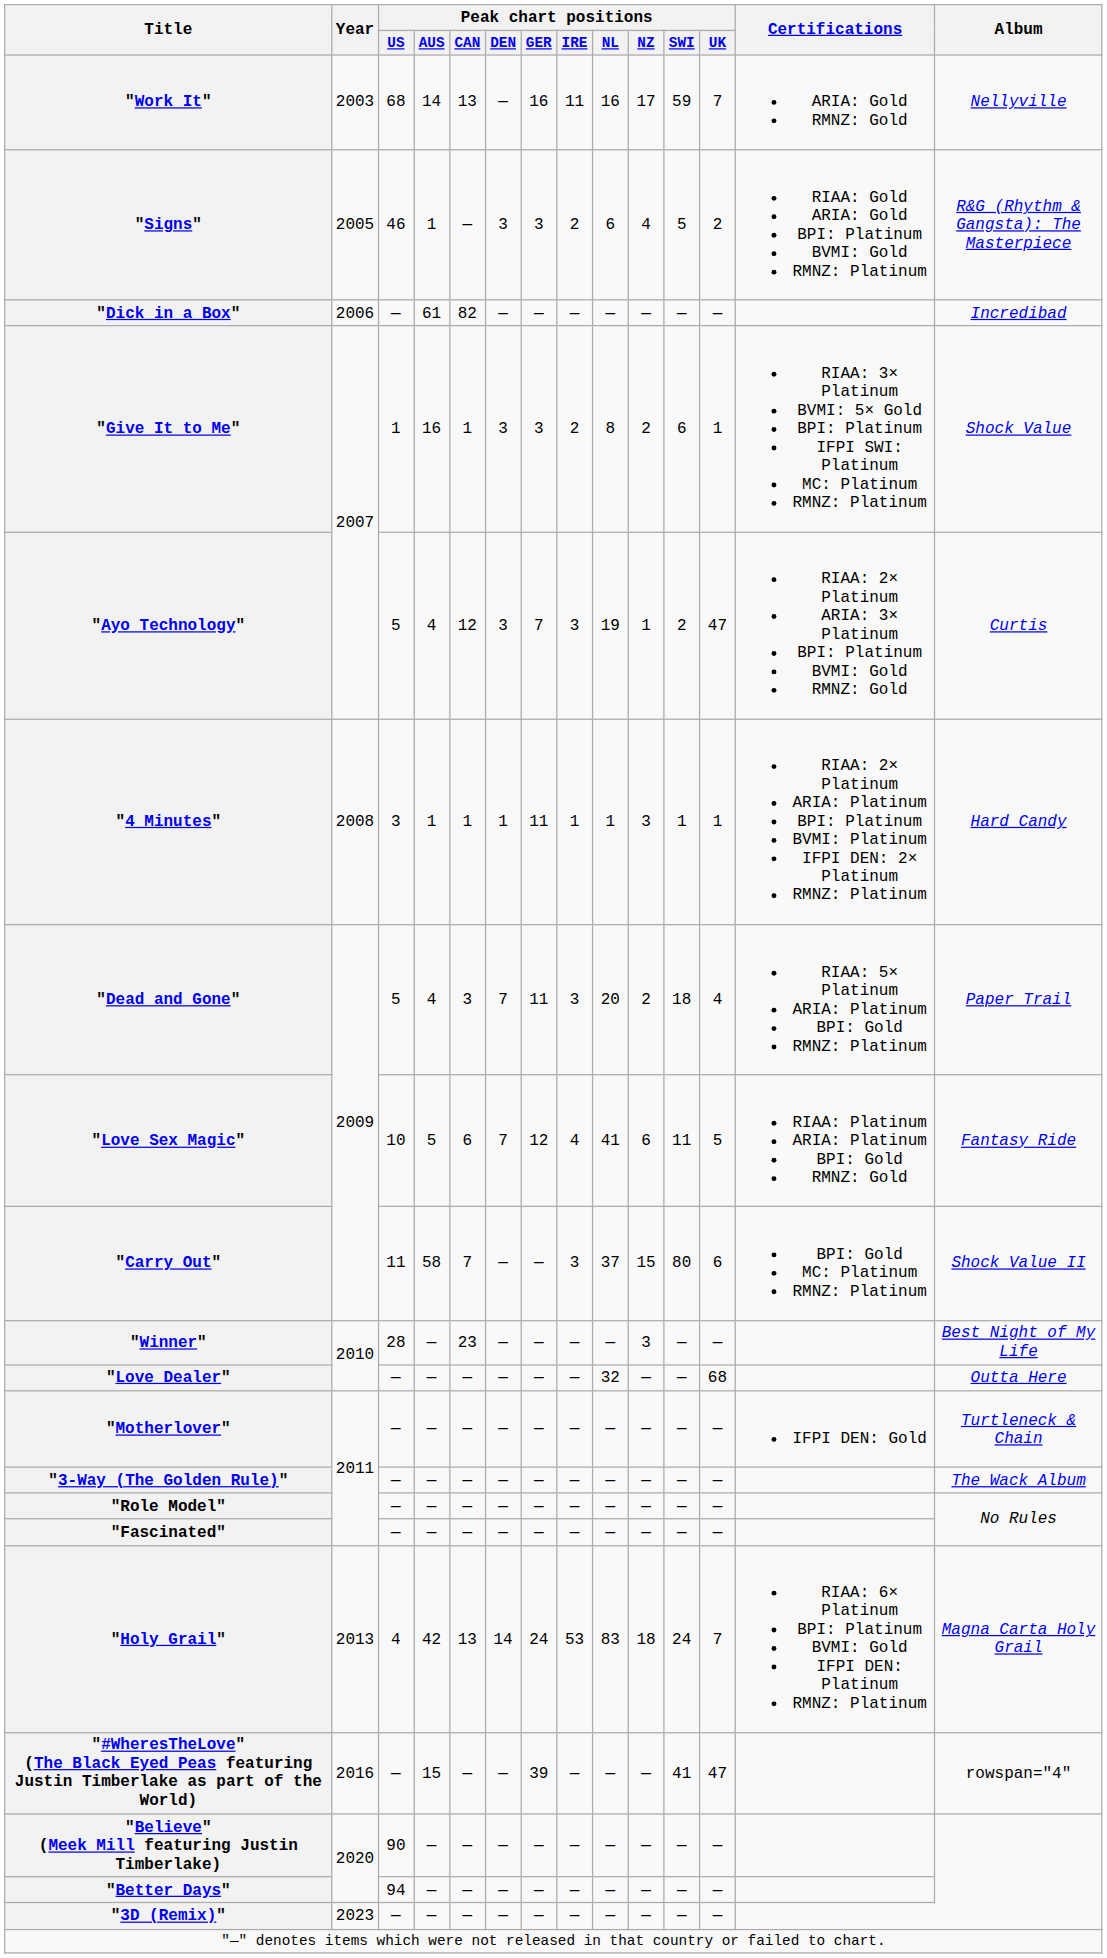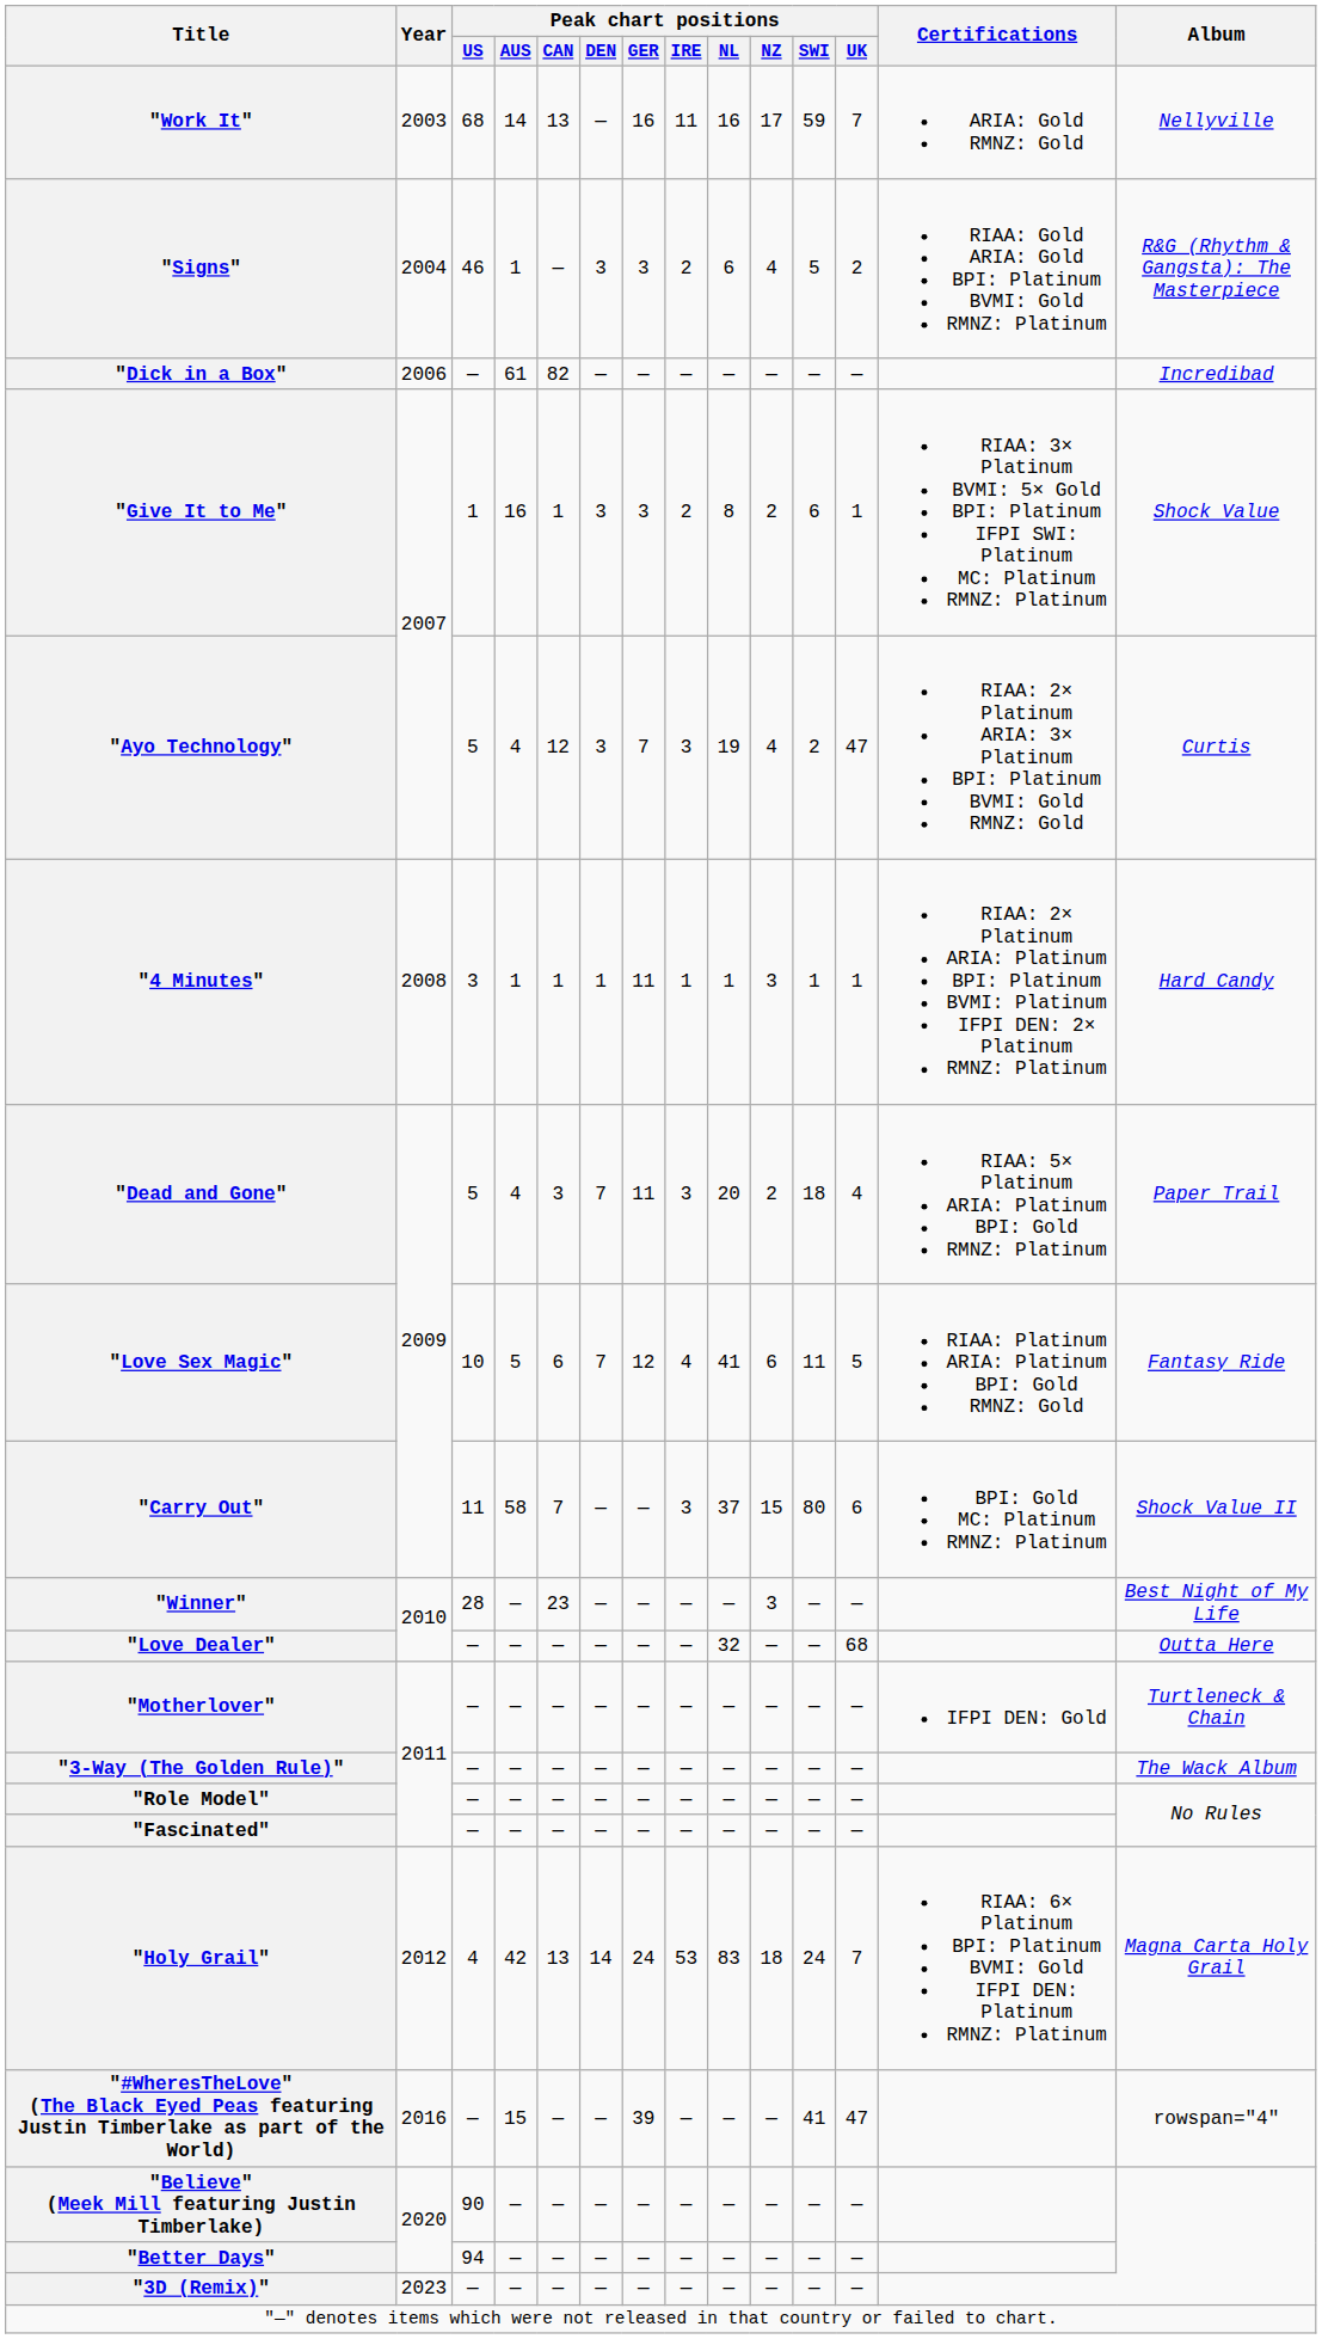 <table class="wikitable plainrowheaders" style="text-align:center;">
 <tr>
 <th scope="col" rowspan="2" style="width:20em;">Title</th>
 <th scope="col" rowspan="2" style="width:2em;">Year</th>
 <th scope="col" colspan="10">Peak chart positions</th>
 <th scope="col" rowspan="2" style="width:12em;"><a href='#'>Certifications</a></th>
 <th scope="col" rowspan="2" style="width:10em;">Album</th>
 </tr>
 <tr>
 <th scope="col" style="width:2em; font-size:90%;"><a href='#'>US</a><br></th>
 <th scope="col" style="width:2em; font-size:90%;"><a href='#'>AUS</a><br></th>
 <th scope="col" style="width:2em; font-size:90%;"><a href='#'>CAN</a><br></th>
 <th scope="col" style="width:2em; font-size:90%;"><a href='#'>DEN</a><br></th>
 <th scope="col" style="width:2em; font-size:90%;"><a href='#'>GER</a><br></th>
 <th scope="col" style="width:2em; font-size:90%;"><a href='#'>IRE</a><br></th>
 <th scope="col" style="width:2em; font-size:90%;"><a href='#'>NL</a><br></th>
 <th scope="col" style="width:2em; font-size:90%;"><a href='#'>NZ</a><br></th>
 <th scope="col" style="width:2em; font-size:90%;"><a href='#'>SWI</a><br></th>
 <th scope="col" style="width:2em; font-size:90%;"><a href='#'>UK</a><br></th>
 </tr>
 <tr>
 <th scope="row">"<a href='#'>Work It</a>"<br></th>
 <td>2003</td>
 <td>68</td>
 <td>14</td>
 <td>13</td>
 <td>—</td>
 <td>16</td>
 <td>11</td>
 <td>16</td>
 <td>17</td>
 <td>59</td>
 <td>7</td>
 <td><br><ul><li>ARIA: Gold</li><li>RMNZ: Gold</li></ul></td>
 <td><em><a href='#'>Nellyville</a></em></td>
 </tr>
 <tr>
 <th scope="row">"<a href='#'>Signs</a>"<br></th>
-<td>2005</td>
+<td>2004</td>
 <td>46</td>
 <td>1</td>
 <td>—</td>
 <td>3</td>
 <td>3</td>
 <td>2</td>
 <td>6</td>
 <td>4</td>
 <td>5</td>
 <td>2</td>
 <td><br><ul><li>RIAA: Gold</li><li>ARIA: Gold</li><li>BPI: Platinum</li><li>BVMI: Gold</li><li>RMNZ: Platinum</li></ul></td>
 <td><em><a href='#'>R&G (Rhythm & Gangsta): The Masterpiece</a></em></td>
 </tr>
 <tr>
 <th scope="row">"<a href='#'>Dick in a Box</a>"<br></th>
 <td>2006</td>
 <td>—</td>
 <td>61</td>
 <td>82</td>
 <td>—</td>
 <td>—</td>
 <td>—</td>
 <td>—</td>
 <td>—</td>
 <td>—</td>
 <td>—</td>
 <td></td>
 <td><em><a href='#'>Incredibad</a></em></td>
 </tr>
 <tr>
 <th scope="row">"<a href='#'>Give It to Me</a>"<br></th>
 <td rowspan="2">2007</td>
 <td>1</td>
 <td>16</td>
 <td>1</td>
 <td>3</td>
 <td>3</td>
 <td>2</td>
 <td>8</td>
 <td>2</td>
 <td>6</td>
 <td>1</td>
 <td><br><ul><li>RIAA: 3× Platinum</li><li>BVMI: 5× Gold</li><li>BPI: Platinum</li><li>IFPI SWI: Platinum</li><li>MC: Platinum</li><li>RMNZ: Platinum</li></ul></td>
 <td><em><a href='#'>Shock Value</a></em></td>
 </tr>
 <tr>
 <th scope="row">"<a href='#'>Ayo Technology</a>"<br></th>
 <td>5</td>
 <td>4</td>
 <td>12</td>
 <td>3</td>
 <td>7</td>
 <td>3</td>
 <td>19</td>
-<td>1</td>
+<td>4</td>
 <td>2</td>
 <td>47</td>
 <td><br><ul><li>RIAA: 2× Platinum</li><li>ARIA: 3× Platinum</li><li>BPI: Platinum</li><li>BVMI: Gold</li><li>RMNZ: Gold</li></ul></td>
 <td><em><a href='#'>Curtis</a></em></td>
 </tr>
 <tr>
 <th scope="row">"<a href='#'>4 Minutes</a>"<br></th>
 <td>2008</td>
 <td>3</td>
 <td>1</td>
 <td>1</td>
 <td>1</td>
 <td>11</td>
 <td>1</td>
 <td>1</td>
 <td>3</td>
 <td>1</td>
 <td>1</td>
 <td><br><ul><li>RIAA: 2× Platinum</li><li>ARIA: Platinum</li><li>BPI: Platinum</li><li>BVMI: Platinum</li><li>IFPI DEN: 2× Platinum</li><li>RMNZ: Platinum</li></ul></td>
 <td><em><a href='#'>Hard Candy</a></em></td>
 </tr>
 <tr>
 <th scope="row">"<a href='#'>Dead and Gone</a>"<br></th>
 <td rowspan="3">2009</td>
 <td>5</td>
 <td>4</td>
 <td>3</td>
 <td>7</td>
 <td>11</td>
 <td>3</td>
 <td>20</td>
 <td>2</td>
 <td>18</td>
 <td>4</td>
 <td><br><ul><li>RIAA: 5× Platinum</li><li>ARIA: Platinum</li><li>BPI: Gold</li><li>RMNZ: Platinum</li></ul></td>
 <td><em><a href='#'>Paper Trail</a></em></td>
 </tr>
 <tr>
 <th scope="row">"<a href='#'>Love Sex Magic</a>"<br></th>
 <td>10</td>
 <td>5</td>
 <td>6</td>
 <td>7</td>
 <td>12</td>
 <td>4</td>
 <td>41</td>
 <td>6</td>
 <td>11</td>
 <td>5</td>
 <td><br><ul><li>RIAA: Platinum</li><li>ARIA: Platinum</li><li>BPI: Gold</li><li>RMNZ: Gold</li></ul></td>
 <td><em><a href='#'>Fantasy Ride</a></em></td>
 </tr>
 <tr>
 <th scope="row">"<a href='#'>Carry Out</a>"<br></th>
 <td>11</td>
 <td>58</td>
 <td>7</td>
 <td>—</td>
 <td>—</td>
 <td>3</td>
 <td>37</td>
 <td>15</td>
 <td>80</td>
 <td>6</td>
 <td><br><ul><li>BPI: Gold</li><li>MC: Platinum</li><li>RMNZ: Platinum</li></ul></td>
 <td><em><a href='#'>Shock Value II</a></em></td>
 </tr>
 <tr>
 <th scope="row">"<a href='#'>Winner</a>"<br></th>
 <td rowspan="2">2010</td>
 <td>28</td>
 <td>—</td>
 <td>23</td>
 <td>—</td>
 <td>—</td>
 <td>—</td>
 <td>—</td>
 <td>3</td>
 <td>—</td>
 <td>—</td>
 <td></td>
 <td><em><a href='#'>Best Night of My Life</a></em></td>
 </tr>
 <tr>
 <th scope="row">"<a href='#'>Love Dealer</a>"<br></th>
 <td>—</td>
 <td>—</td>
 <td>—</td>
 <td>—</td>
 <td>—</td>
 <td>—</td>
 <td>32</td>
 <td>—</td>
 <td>—</td>
 <td>68</td>
 <td></td>
 <td><em><a href='#'>Outta Here</a></em></td>
 </tr>
 <tr>
 <th scope="row">"<a href='#'>Motherlover</a>"<br></th>
 <td rowspan="4">2011</td>
 <td>—</td>
 <td>—</td>
 <td>—</td>
 <td>—</td>
 <td>—</td>
 <td>—</td>
 <td>—</td>
 <td>—</td>
 <td>—</td>
 <td>—</td>
 <td><br><ul><li>IFPI DEN: Gold</li></ul></td>
 <td><em><a href='#'>Turtleneck & Chain</a></em></td>
 </tr>
 <tr>
 <th scope="row">"<a href='#'>3-Way (The Golden Rule)</a>"<br></th>
 <td>—</td>
 <td>—</td>
 <td>—</td>
 <td>—</td>
 <td>—</td>
 <td>—</td>
 <td>—</td>
 <td>—</td>
 <td>—</td>
 <td>—</td>
 <td></td>
 <td><em><a href='#'>The Wack Album</a></em></td>
 </tr>
 <tr>
 <th scope="row">"Role Model"<br></th>
 <td>—</td>
 <td>—</td>
 <td>—</td>
 <td>—</td>
 <td>—</td>
 <td>—</td>
 <td>—</td>
 <td>—</td>
 <td>—</td>
 <td>—</td>
 <td></td>
 <td rowspan="2"><em>No Rules</em></td>
 </tr>
 <tr>
 <th scope="row">"Fascinated"<br></th>
 <td>—</td>
 <td>—</td>
 <td>—</td>
 <td>—</td>
 <td>—</td>
 <td>—</td>
 <td>—</td>
 <td>—</td>
 <td>—</td>
 <td>—</td>
 <td></td>
 </tr>
 <tr>
 <th scope="row">"<a href='#'>Holy Grail</a>"<br></th>
-<td>2013</td>
+<td>2012</td>
 <td>4</td>
 <td>42</td>
 <td>13</td>
 <td>14</td>
 <td>24</td>
 <td>53</td>
 <td>83</td>
 <td>18</td>
 <td>24</td>
 <td>7</td>
 <td><br><ul><li>RIAA: 6× Platinum</li><li>BPI: Platinum</li><li>BVMI: Gold</li><li>IFPI DEN: Platinum</li><li>RMNZ: Platinum</li></ul></td>
 <td><em><a href='#'>Magna Carta Holy Grail</a></em></td>
 </tr>
 <tr>
 <th scope="row">"<a href='#'>#WheresTheLove</a>"<br><span>(<a href='#'>The Black Eyed Peas</a> featuring Justin Timberlake as part of the World)</span></th>
 <td>2016</td>
 <td>—</td>
 <td>15</td>
 <td>—</td>
 <td>—</td>
 <td>39</td>
 <td>—</td>
 <td>—</td>
 <td>—</td>
 <td>41</td>
 <td>47</td>
 <td></td>
 <td>rowspan="4" </td>
 </tr>
 <tr>
 <th scope="row">"<a href='#'>Believe</a>"<br><span>(<a href='#'>Meek Mill</a> featuring Justin Timberlake)</span></th>
 <td rowspan="2">2020</td>
 <td>90</td>
 <td>—</td>
 <td>—</td>
 <td>—</td>
 <td>—</td>
 <td>—</td>
 <td>—</td>
 <td>—</td>
 <td>—</td>
 <td>—</td>
 <td></td>
 </tr>
 <tr>
 <th scope="row">"<a href='#'>Better Days</a>"<br></th>
 <td>94</td>
 <td>—</td>
 <td>—</td>
 <td>—</td>
 <td>—</td>
 <td>—</td>
 <td>—</td>
 <td>—</td>
 <td>—</td>
 <td>—</td>
 <td></td>
 </tr>
 <tr>
 <th scope="row">"<a href='#'>3D (Remix)</a>"<br></th>
 <td>2023</td>
 <td>—</td>
 <td>—</td>
 <td>—</td>
 <td>—</td>
 <td>—</td>
 <td>—</td>
 <td>—</td>
 <td>—</td>
 <td>—</td>
 <td>—</td>
 </tr>
 <tr>
 <td colspan="15" style="font-size:90%;">"—" denotes items which were not released in that country or failed to chart.</td>
 </tr>
 </table>
